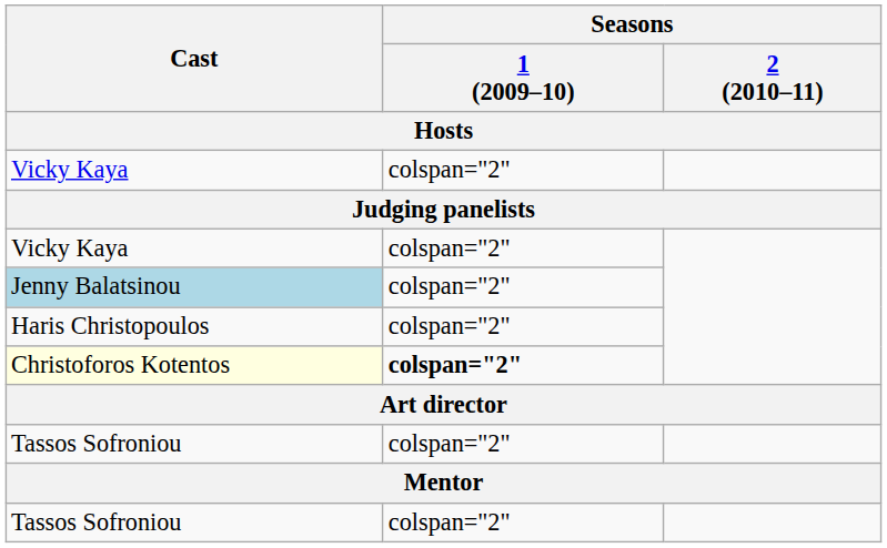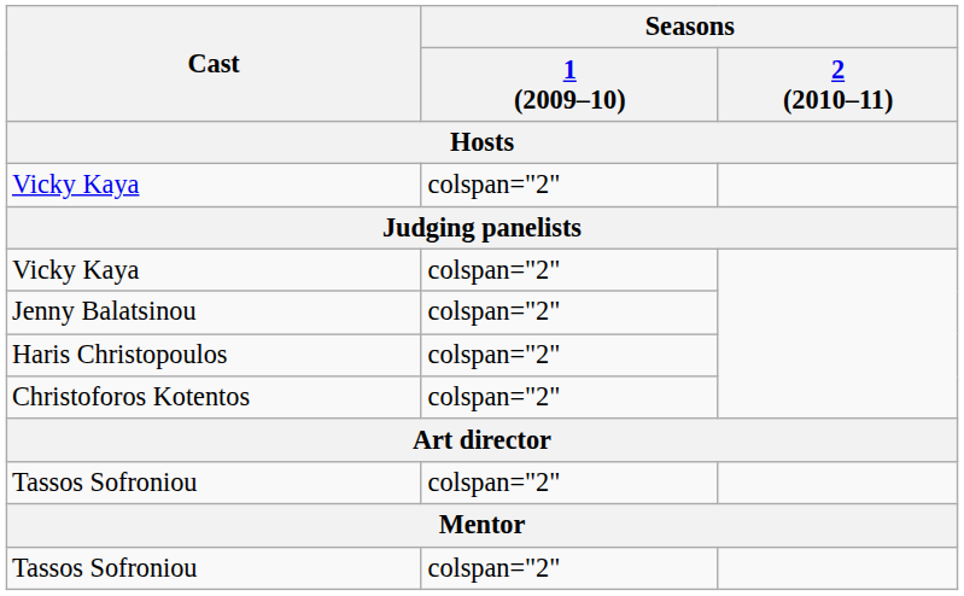 <table class="wikitable" style="margin:1em auto 1em auto; width: 45%;">
 <tr>
 <th rowspan="2" style="width: 15%;">Cast</th>
 <th colspan="2">Seasons</th>
 </tr>
 <tr>
 <th style="width: 09%;"><a href='#'>1</a><br> (2009–10)</th>
 <th style="width: 09%;"><a href='#'>2</a><br> (2010–11)</th>
 </tr>
 <tr>
 <th scope="col" colspan="3">Hosts</th>
 </tr>
 <tr>
 <td scope="row"><a href='#'>Vicky Kaya</a></td>
 <td>colspan="2" </td>
 </tr>
 <tr>
 <th scope="col" colspan="3">Judging panelists</th>
 </tr>
 <tr>
 <td scope="row">Vicky Kaya</td>
 <td>colspan="2" </td>
 </tr>
 <tr>
-<td scope="row" style="background: lightblue;">Jenny Balatsinou</td>
+<td scope="row">Jenny Balatsinou</td>
 <td>colspan="2" </td>
 </tr>
 <tr>
 <td scope="row">Haris Christopoulos</td>
 <td>colspan="2" </td>
 </tr>
 <tr>
-<td scope="row" style="background: lightyellow;">Christoforos Kotentos</td>
-<td><strong>colspan="2" </strong></td>
+<td scope="row">Christoforos Kotentos</td>
+<td>colspan="2" </td>
 </tr>
 <tr>
 <th scope="col" colspan="3">Art director</th>
 </tr>
 <tr>
 <td scope="row">Tassos Sofroniou</td>
 <td>colspan="2" </td>
 </tr>
 <tr>
 <th scope="col" colspan="3">Mentor</th>
 </tr>
 <tr>
 <td scope="row">Tassos Sofroniou</td>
 <td>colspan="2" </td>
 </tr>
 </table>
